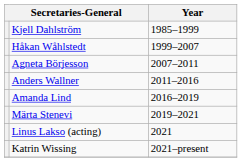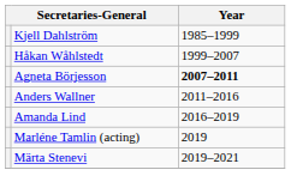 <table class="wikitable">
 <tr>
 <th colspan=2>Secretaries-General</th>
 <th>Year</th>
 </tr>
 <tr>
 <th style="background:"></th>
 <td style="width:200px;"rowspan=1><a href='#'>Kjell Dahlström</a></td>
 <td style="width:125px;">1985–1999</td>
 </tr>
 <tr>
 <th style="background:"></th>
 <td style="width:200px;"rowspan=1><a href='#'>Håkan Wåhlstedt</a></td>
 <td style="width:125px;">1999–2007</td>
 </tr>
 <tr>
 <th style="background:"></th>
 <td style="width:200px;"><a href='#'>Agneta Börjesson</a></td>
-<td style="width:125px;">2007–2011</td>
+<td style="width:125px;"><strong>2007–2011</strong></td>
 </tr>
 <tr>
 <th style="background:"></th>
 <td style="width:200px;"><a href='#'>Anders Wallner</a></td>
 <td style="width:125px;">2011–2016</td>
 </tr>
 <tr>
 <th style="background:"></th>
 <td style="width:200px;"><a href='#'>Amanda Lind</a></td>
 <td style="width:125px;">2016–2019</td>
 </tr>
 <tr>
 <th style="background:"></th>
+<td style="width:200px;"><a href='#'>Marléne Tamlin</a> (acting)</td>
+<td style="width:125px;">2019</td>
+</tr>
+<tr>
+<th style="background:"></th>
 <td style="width:200px;"><a href='#'>Märta Stenevi</a></td>
 <td style="width:125px;">2019–2021</td>
 </tr>
 <tr>
-<th style="background:"></th>
-<td style="width:200px;"><a href='#'>Linus Lakso</a> (acting)</td>
-<td style="width:125px;">2021</td>
-</tr>
-<tr>
-<th style="background:"></th>
-<td style="width:200px;" rowspan=1>Katrin Wissing</td>
-<td style="width:125px;">2021–present</td>
-</tr>
-<tr>
 </tr>
 </table>
